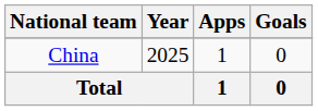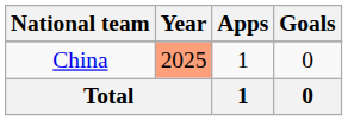 <table class="wikitable" style="text-align: center;">
 <tr>
 <th>National team</th>
 <th>Year</th>
 <th>Apps</th>
 <th>Goals</th>
 </tr>
 <tr>
 </tr>
 <tr>
 <td rowspan="1"><a href='#'>China</a></td>
-<td>2025</td>
+<td style="background: lightsalmon;">2025</td>
 <td>1</td>
 <td>0</td>
 </tr>
 <tr>
 <th colspan="2">Total</th>
 <th>1</th>
 <th>0</th>
 </tr>
 </table>
